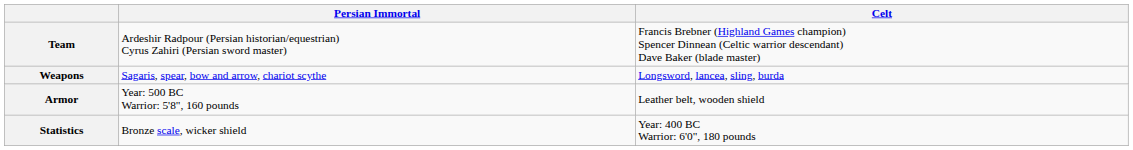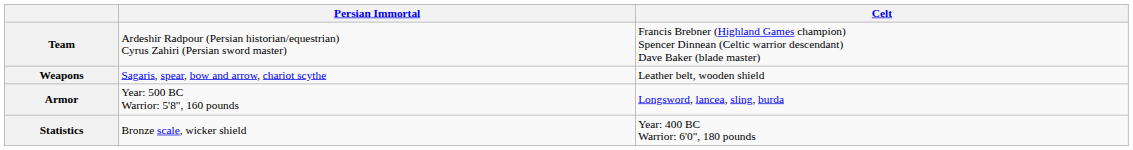 <table class="wikitable unsortable" ; style="width: 100%">
 <tr>
 <th></th>
 <th><strong><a href='#'>Persian Immortal</a></strong></th>
 <th><strong><a href='#'>Celt</a></strong></th>
 </tr>
 <tr>
 <th>Team</th>
 <td>Ardeshir Radpour (Persian historian/equestrian)<br>Cyrus Zahiri (Persian sword master)</td>
 <td>Francis Brebner (<a href='#'>Highland Games</a> champion)<br>Spencer Dinnean (Celtic warrior descendant)<br>Dave Baker (blade master)</td>
 </tr>
 <tr>
 <th>Weapons</th>
 <td><a href='#'>Sagaris</a>, <a href='#'>spear</a>, <a href='#'>bow and arrow</a>, <a href='#'>chariot scythe</a></td>
-<td><a href='#'>Longsword</a>, <a href='#'>lancea</a>, <a href='#'>sling</a>, <a href='#'>burda</a></td>
+<td>Leather belt, wooden shield</td>
 </tr>
 <tr>
 <th>Armor</th>
 <td>Year: 500 BC<br>Warrior: 5'8", 160 pounds</td>
-<td>Leather belt, wooden shield</td>
+<td><a href='#'>Longsword</a>, <a href='#'>lancea</a>, <a href='#'>sling</a>, <a href='#'>burda</a></td>
 </tr>
 <tr>
 <th>Statistics</th>
 <td>Bronze <a href='#'>scale</a>, wicker shield</td>
 <td>Year: 400 BC<br>Warrior: 6'0", 180 pounds</td>
 </tr>
 </table>
